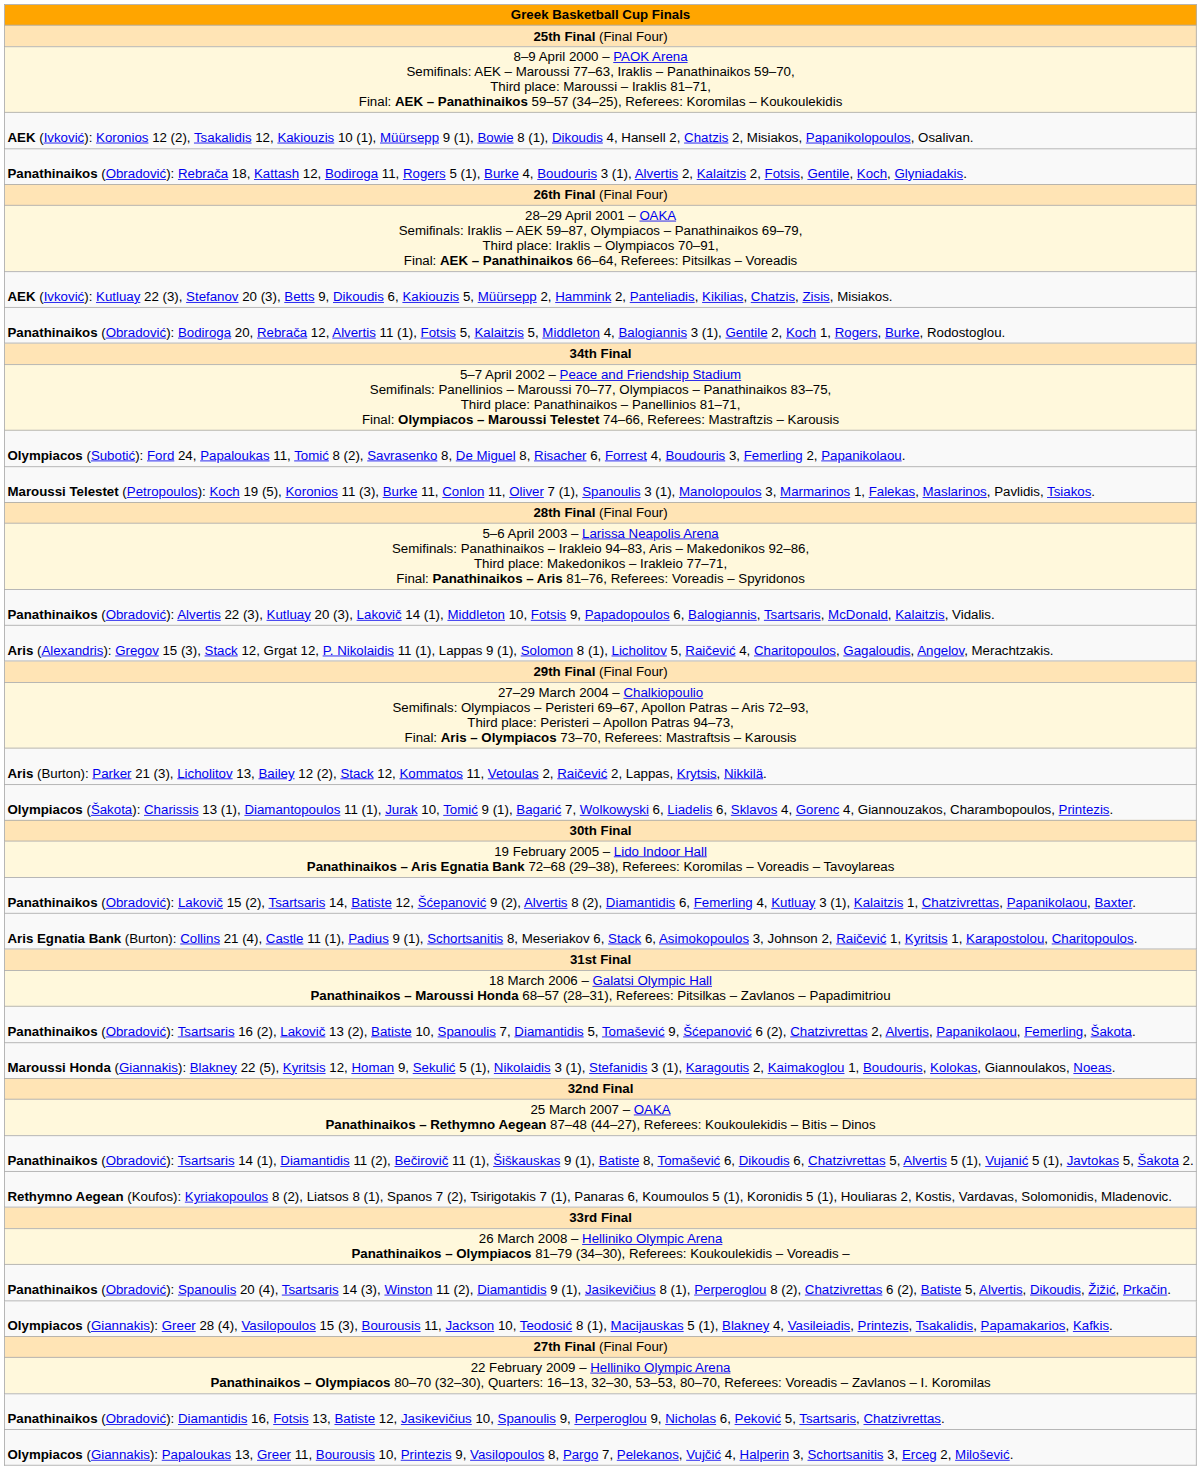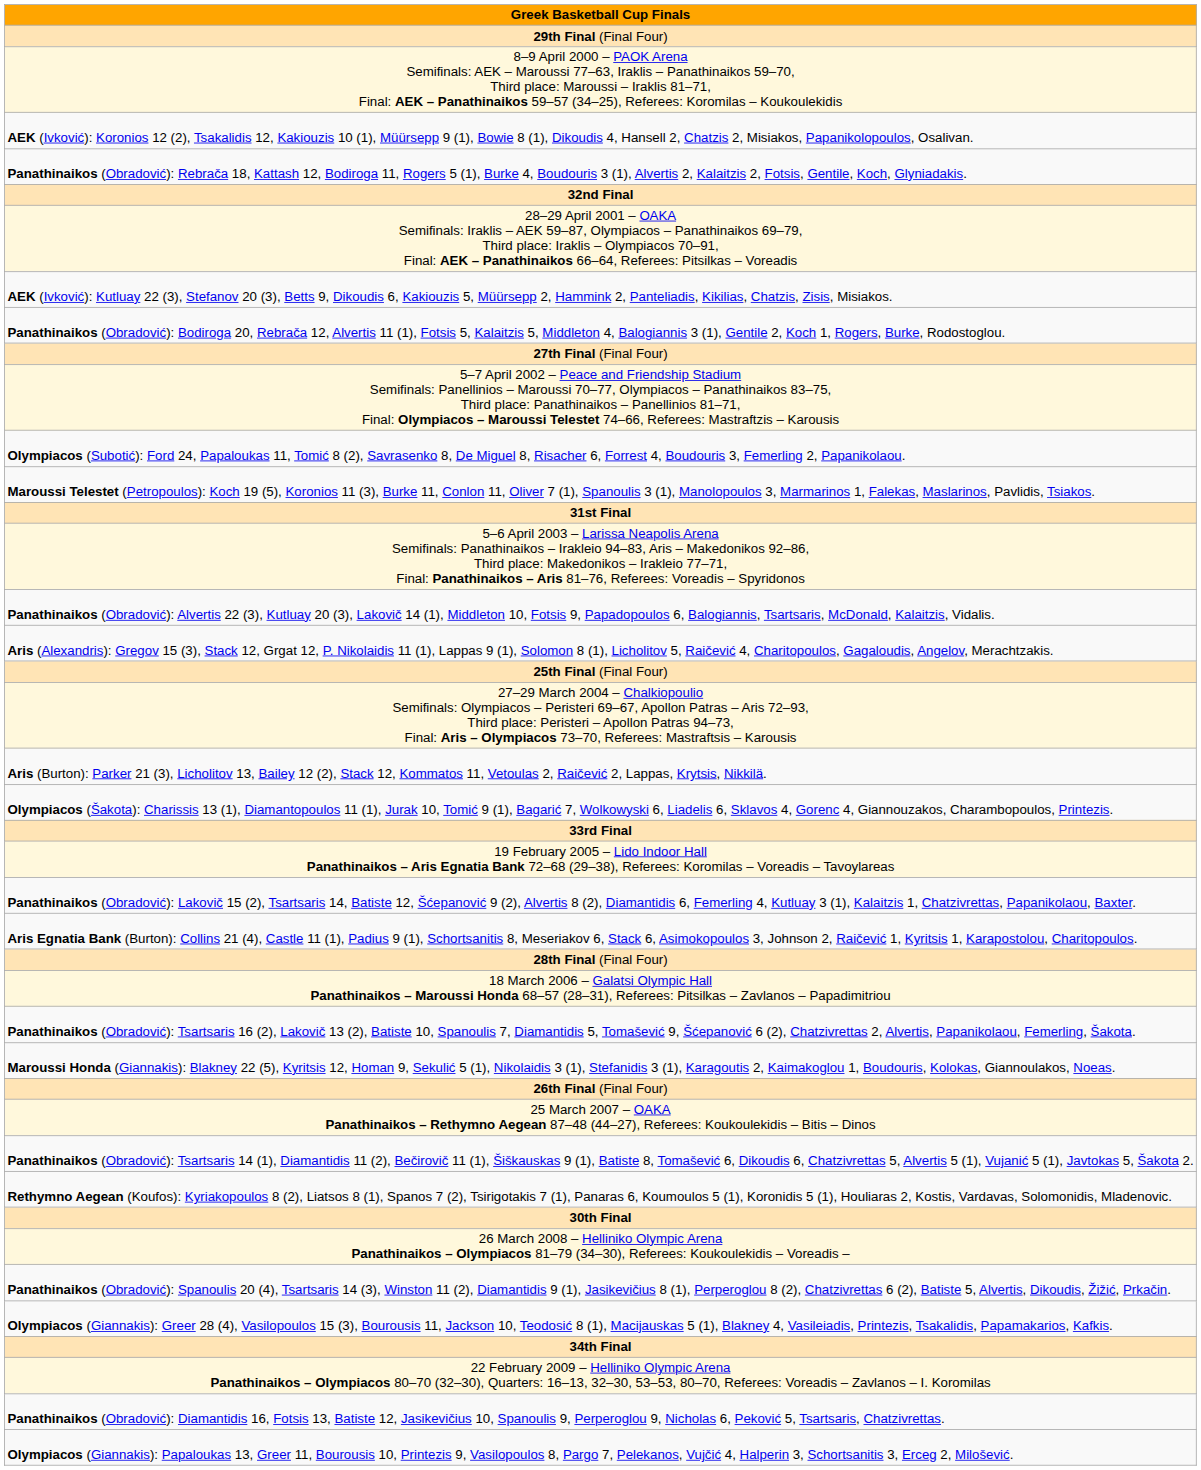 <table class="wikitable">
 <tr>
 <td align="center" bgcolor= #ffa500><strong>Greek Basketball Cup Finals</strong></td>
 </tr>
 <tr>
-<td align="center" bgcolor= #ffe4b5> <strong>25th Final</strong> (Final Four)</td>
+<td align="center" bgcolor= #ffe4b5> <strong>29th Final</strong> (Final Four)</td>
 </tr>
 <tr>
 <td align="center" bgcolor= #fff8dc>8–9 April 2000 – <a href='#'>PAOK Arena</a><br>Semifinals: AEK – Maroussi 77–63, Iraklis – Panathinaikos 59–70,<br>Third place: Maroussi – Iraklis 81–71,<br>Final: <strong>AEK – Panathinaikos</strong> 59–57 (34–25),  Referees: Koromilas – Koukoulekidis</td>
 </tr>
 <tr>
 <td><br><strong>AEK</strong> (<a href='#'>Ivković</a>): <a href='#'>Koronios</a> 12 (2), <a href='#'>Tsakalidis</a> 12, <a href='#'>Kakiouzis</a> 10 (1), <a href='#'>Müürsepp</a> 9 (1), <a href='#'>Bowie</a> 8 (1), <a href='#'>Dikoudis</a> 4, Hansell 2, <a href='#'>Chatzis</a> 2, Misiakos, <a href='#'>Papanikolopoulos</a>, Osalivan.</td>
 </tr>
 <tr>
 <td><br><strong>Panathinaikos</strong> (<a href='#'>Obradović</a>): <a href='#'>Rebrača</a> 18, <a href='#'>Kattash</a> 12, <a href='#'>Bodiroga</a> 11, <a href='#'>Rogers</a> 5 (1), <a href='#'>Burke</a> 4, <a href='#'>Boudouris</a> 3 (1), <a href='#'>Alvertis</a> 2, <a href='#'>Kalaitzis</a> 2, <a href='#'>Fotsis</a>, <a href='#'>Gentile</a>, <a href='#'>Koch</a>, <a href='#'>Glyniadakis</a>.</td>
 </tr>
 <tr>
-<td align="center" bgcolor= #ffe4b5> <strong>26th Final</strong> (Final Four)</td>
+<td align="center" bgcolor= #ffe4b5> <strong>32nd Final</strong></td>
 </tr>
 <tr>
 <td align="center" bgcolor= #fff8dc>28–29 April 2001 – <a href='#'>ΟΑΚΑ</a><br>Semifinals: Iraklis – AEK 59–87, Olympiacos – Panathinaikos 69–79,<br>Third place: Iraklis – Olympiacos 70–91,<br>Final: <strong>ΑΕΚ – Panathinaikos</strong> 66–64, Referees: Pitsilkas – Voreadis</td>
 </tr>
 <tr>
 <td><br><strong>AEK</strong> (<a href='#'>Ivković</a>): <a href='#'>Kutluay</a> 22 (3), <a href='#'>Stefanov</a> 20 (3), <a href='#'>Betts</a> 9, <a href='#'>Dikoudis</a> 6, <a href='#'>Kakiouzis</a> 5, <a href='#'>Müürsepp</a> 2, <a href='#'>Hammink</a> 2, <a href='#'>Panteliadis</a>, <a href='#'>Kikilias</a>, <a href='#'>Chatzis</a>, <a href='#'>Zisis</a>, Misiakos.</td>
 </tr>
 <tr>
 <td><br><strong>Panathinaikos</strong> (<a href='#'>Obradović</a>): <a href='#'>Bodiroga</a> 20, <a href='#'>Rebrača</a> 12, <a href='#'>Alvertis</a> 11 (1), <a href='#'>Fotsis</a> 5, <a href='#'>Kalaitzis</a> 5, <a href='#'>Middleton</a> 4, <a href='#'>Balogiannis</a> 3 (1), <a href='#'>Gentile</a> 2, <a href='#'>Koch</a> 1, <a href='#'>Rogers</a>, <a href='#'>Burke</a>, Rodostoglou.</td>
 </tr>
 <tr>
-<td align="center" bgcolor= #ffe4b5> <strong> 34th Final </strong></td>
+<td align="center" bgcolor= #ffe4b5><strong>27th Final</strong> (Final Four)</td>
 </tr>
 <tr>
 <td align="center" bgcolor= #fff8dc>5–7 April 2002 – <a href='#'>Peace and Friendship Stadium</a><br>Semifinals: Panellinios – Maroussi 70–77, Olympiacos – Panathinaikos 83–75,<br>Third place: Panathinaikos – Panellinios 81–71,<br>Final: <strong>Olympiacos – Maroussi Telestet</strong> 74–66, Referees:  Mastraftzis – Karousis</td>
 </tr>
 <tr>
 <td><br><strong>Olympiacos</strong> (<a href='#'>Subotić</a>): <a href='#'>Ford</a> 24, <a href='#'>Papaloukas</a> 11, <a href='#'>Tomić</a> 8 (2), <a href='#'>Savrasenko</a> 8, <a href='#'>De Miguel</a> 8, <a href='#'>Risacher</a> 6, <a href='#'>Forrest</a> 4, <a href='#'>Boudouris</a> 3, <a href='#'>Femerling</a> 2, <a href='#'>Papanikolaou</a>.</td>
 </tr>
 <tr>
 <td><br><strong>Maroussi Telestet</strong> (<a href='#'>Petropoulos</a>): <a href='#'>Koch</a> 19 (5), <a href='#'>Koronios</a> 11 (3), <a href='#'>Burke</a> 11, <a href='#'>Conlon</a> 11, <a href='#'>Oliver</a> 7 (1), <a href='#'>Spanoulis</a> 3 (1), <a href='#'>Manolopoulos</a> 3, <a href='#'>Marmarinos</a> 1, <a href='#'>Falekas</a>, <a href='#'>Maslarinos</a>, Pavlidis, <a href='#'>Tsiakos</a>.</td>
 </tr>
 <tr>
-<td align="center" bgcolor= #ffe4b5> <strong>28th Final</strong> (Final Four)</td>
+<td align="center" bgcolor= #ffe4b5> <strong>31st Final</strong></td>
 </tr>
 <tr>
 <td align="center" bgcolor= #fff8dc>5–6 April 2003 – <a href='#'>Larissa Neapolis Arena</a><br>Semifinals: Panathinaikos – Irakleio 94–83, Aris – Makedonikos 92–86,<br>Third place: Makedonikos – Irakleio 77–71,<br>Final: <strong>Panathinaikos – Aris</strong> 81–76, Referees: Voreadis – Spyridonos</td>
 </tr>
 <tr>
 <td><br><strong>Panathinaikos</strong> (<a href='#'>Obradović</a>): <a href='#'>Alvertis</a> 22 (3), <a href='#'>Kutluay</a> 20 (3), <a href='#'>Lakovič</a> 14 (1), <a href='#'>Middleton</a> 10, <a href='#'>Fotsis</a> 9, <a href='#'>Papadopoulos</a> 6, <a href='#'>Balogiannis</a>, <a href='#'>Tsartsaris</a>, <a href='#'>McDonald</a>, <a href='#'>Kalaitzis</a>, Vidalis.</td>
 </tr>
 <tr>
 <td><br><strong>Aris</strong> (<a href='#'>Alexandris</a>): <a href='#'>Gregov</a> 15 (3), <a href='#'>Stack</a> 12, Grgat 12, <a href='#'>P. Nikolaidis</a> 11 (1), Lappas 9 (1), <a href='#'>Solomon</a> 8 (1), <a href='#'>Licholitov</a> 5, <a href='#'>Raičević</a> 4, <a href='#'>Charitopoulos</a>, <a href='#'>Gagaloudis</a>, <a href='#'>Angelov</a>, Merachtzakis.</td>
 </tr>
 <tr>
-<td align="center" bgcolor= #ffe4b5> <strong>29th Final</strong> (Final Four)</td>
+<td align="center" bgcolor= #ffe4b5> <strong>25th Final</strong> (Final Four)</td>
 </tr>
 <tr>
 <td align="center" bgcolor= #fff8dc>27–29 March 2004 – <a href='#'>Chalkiopoulio</a><br>Semifinals: Olympiacos – Peristeri 69–67, Apollon Patras – Aris 72–93,<br>Third place: Peristeri – Apollon Patras 94–73,<br>Final: <strong>Aris – Olympiacos</strong> 73–70, Referees: Mastraftsis – Karousis</td>
 </tr>
 <tr>
 <td><br><strong>Aris</strong> (Burton): <a href='#'>Parker</a> 21 (3), <a href='#'>Licholitov</a> 13, <a href='#'>Bailey</a> 12 (2), <a href='#'>Stack</a> 12, <a href='#'>Kommatos</a> 11, <a href='#'>Vetoulas</a> 2, <a href='#'>Raičević</a> 2, Lappas, <a href='#'>Krytsis</a>, <a href='#'>Nikkilä</a>.</td>
 </tr>
 <tr>
 <td><br><strong>Olympiacos</strong> (<a href='#'>Šakota</a>): <a href='#'>Charissis</a> 13 (1), <a href='#'>Diamantopoulos</a> 11 (1), <a href='#'>Jurak</a> 10, <a href='#'>Tomić</a> 9 (1), <a href='#'>Bagarić</a> 7, <a href='#'>Wolkowyski</a> 6, <a href='#'>Liadelis</a> 6, <a href='#'>Sklavos</a> 4, <a href='#'>Gorenc</a> 4, Giannouzakos, Charambopoulos, <a href='#'>Printezis</a>.</td>
 </tr>
 <tr>
-<td align="center" bgcolor= #ffe4b5> <strong>30th Final</strong></td>
+<td align="center" bgcolor= #ffe4b5> <strong> 33rd Final </strong></td>
 </tr>
 <tr>
 <td align="center" bgcolor= #fff8dc>19 February 2005 – <a href='#'>Lido Indoor Hall</a><br><strong>Panathinaikos – Aris Egnatia Bank</strong>  72–68 (29–38), Referees: Koromilas – Voreadis – Tavoylareas</td>
 </tr>
 <tr>
 <td><br><strong>Panathinaikos</strong> (<a href='#'>Obradović</a>):  <a href='#'>Lakovič</a> 15 (2), <a href='#'>Tsartsaris</a> 14, <a href='#'>Batiste</a> 12, <a href='#'>Šćepanović</a> 9 (2), <a href='#'>Alvertis</a> 8 (2), <a href='#'>Diamantidis</a> 6, <a href='#'>Femerling</a> 4, <a href='#'>Kutluay</a> 3 (1), <a href='#'>Kalaitzis</a> 1, <a href='#'>Chatzivrettas</a>, <a href='#'>Papanikolaou</a>, <a href='#'>Baxter</a>.</td>
 </tr>
 <tr>
 <td><br><strong>Aris Egnatia Bank</strong> (Burton):  <a href='#'>Collins</a> 21 (4), <a href='#'>Castle</a> 11 (1), <a href='#'>Padius</a> 9 (1), <a href='#'>Schortsanitis</a> 8, Meseriakov 6, <a href='#'>Stack</a> 6, <a href='#'>Asimokopoulos</a> 3, Johnson 2, <a href='#'>Raičević</a> 1, <a href='#'>Kyritsis</a> 1, <a href='#'>Karapostolou</a>, <a href='#'>Charitopoulos</a>.</td>
 </tr>
 <tr>
-<td align="center" bgcolor= #ffe4b5> <strong>31st Final</strong></td>
+<td align="center" bgcolor= #ffe4b5> <strong>28th Final</strong> (Final Four)</td>
 </tr>
 <tr>
 <td align="center" bgcolor= #fff8dc>18 March 2006 – <a href='#'>Galatsi Olympic Hall</a><br><strong>Panathinaikos – Maroussi Honda</strong>  68–57 (28–31), Referees: Pitsilkas – Zavlanos – Papadimitriou</td>
 </tr>
 <tr>
 <td><br><strong>Panathinaikos</strong> (<a href='#'>Obradović</a>): <a href='#'>Tsartsaris</a> 16 (2), <a href='#'>Lakovič</a> 13 (2), <a href='#'>Batiste</a> 10, <a href='#'>Spanoulis</a> 7, <a href='#'>Diamantidis</a> 5, <a href='#'>Tomašević</a> 9, <a href='#'>Šćepanović</a> 6 (2), <a href='#'>Chatzivrettas</a> 2, <a href='#'>Alvertis</a>, <a href='#'>Papanikolaou</a>, <a href='#'>Femerling</a>, <a href='#'>Šakota</a>.</td>
 </tr>
 <tr>
 <td><br><strong>Maroussi Honda</strong> (<a href='#'>Giannakis</a>): <a href='#'>Blakney</a> 22 (5), <a href='#'>Kyritsis</a> 12, <a href='#'>Homan</a> 9, <a href='#'>Sekulić</a> 5 (1), <a href='#'>Nikolaidis</a> 3 (1), <a href='#'>Stefanidis</a> 3 (1), <a href='#'>Karagoutis</a> 2, <a href='#'>Kaimakoglou</a> 1, <a href='#'>Boudouris</a>, <a href='#'>Kolokas</a>, Giannoulakos, <a href='#'>Noeas</a>.</td>
 </tr>
 <tr>
-<td align="center" bgcolor= #ffe4b5> <strong>32nd Final</strong></td>
+<td align="center" bgcolor= #ffe4b5> <strong>26th Final</strong> (Final Four)</td>
 </tr>
 <tr>
 <td align="center" bgcolor= #fff8dc>25 March 2007 – <a href='#'>OAKA</a><br><strong>Panathinaikos – Rethymno Aegean</strong>  87–48 (44–27), Referees: Koukoulekidis – Bitis – Dinos</td>
 </tr>
 <tr>
 <td><br><strong>Panathinaikos</strong> (<a href='#'>Obradović</a>): <a href='#'>Tsartsaris</a> 14 (1), <a href='#'>Diamantidis</a> 11 (2), <a href='#'>Bečirovič</a> 11 (1), <a href='#'>Šiškauskas</a> 9 (1), <a href='#'>Batiste</a> 8, <a href='#'>Tomašević</a> 6, <a href='#'>Dikoudis</a> 6, <a href='#'>Chatzivrettas</a> 5, <a href='#'>Alvertis</a> 5 (1), <a href='#'>Vujanić</a> 5 (1), <a href='#'>Javtokas</a> 5, <a href='#'>Šakota</a> 2.</td>
 </tr>
 <tr>
 <td><br><strong>Rethymno Aegean</strong> (Koufos): <a href='#'>Kyriakopoulos</a> 8 (2), Liatsos 8 (1), Spanos 7 (2), Tsirigotakis 7 (1), Panaras 6, Koumoulos 5 (1), Koronidis 5 (1), Houliaras 2, Kostis, Vardavas, Solomonidis, Mladenovic.</td>
 </tr>
 <tr>
-<td align="center" bgcolor= #ffe4b5> <strong> 33rd Final </strong></td>
+<td align="center" bgcolor= #ffe4b5> <strong>30th Final</strong></td>
 </tr>
 <tr>
 <td align="center" bgcolor= #fff8dc>26 March 2008 – <a href='#'>Helliniko Olympic Arena</a><br><strong>Panathinaikos – Olympiacos</strong> 81–79 (34–30), Referees: Koukoulekidis – Voreadis –</td>
 </tr>
 <tr>
 <td><br><strong>Panathinaikos</strong> (<a href='#'>Obradović</a>): <a href='#'>Spanoulis</a> 20 (4), <a href='#'>Tsartsaris</a> 14 (3), <a href='#'>Winston</a> 11 (2), <a href='#'>Diamantidis</a> 9 (1), <a href='#'>Jasikevičius</a> 8 (1), <a href='#'>Perperoglou</a> 8 (2), <a href='#'>Chatzivrettas</a> 6 (2), <a href='#'>Batiste</a> 5, <a href='#'>Alvertis</a>, <a href='#'>Dikoudis</a>, <a href='#'>Žižić</a>, <a href='#'>Prkačin</a>.</td>
 </tr>
 <tr>
 <td><br><strong>Olympiacos</strong> (<a href='#'>Giannakis</a>): <a href='#'>Greer</a> 28 (4), <a href='#'>Vasilopoulos</a> 15 (3), <a href='#'>Bourousis</a> 11, <a href='#'>Jackson</a> 10, <a href='#'>Teodosić</a> 8 (1), <a href='#'>Macijauskas</a> 5 (1), <a href='#'>Blakney</a> 4, <a href='#'>Vasileiadis</a>, <a href='#'>Printezis</a>, <a href='#'>Tsakalidis</a>, <a href='#'>Papamakarios</a>, <a href='#'>Kafkis</a>.</td>
 </tr>
 <tr>
-<td align="center" bgcolor= #ffe4b5><strong>27th Final</strong> (Final Four)</td>
+<td align="center" bgcolor= #ffe4b5> <strong> 34th Final </strong></td>
 </tr>
 <tr>
 <td align="center" bgcolor= #fff8dc>22 February 2009 – <a href='#'>Helliniko Olympic Arena</a><br><strong>Panathinaikos – Olympiacos</strong> 80–70 (32–30), Quarters: 16–13, 32–30, 53–53, 80–70, Referees: Voreadis – Zavlanos – I. Koromilas</td>
 </tr>
 <tr>
 <td><br><strong>Panathinaikos</strong> (<a href='#'>Obradović</a>): <a href='#'>Diamantidis</a> 16, <a href='#'>Fotsis</a> 13, <a href='#'>Batiste</a> 12, <a href='#'>Jasikevičius</a> 10, <a href='#'>Spanoulis</a> 9, <a href='#'>Perperoglou</a> 9, <a href='#'>Nicholas</a> 6, <a href='#'>Peković</a> 5, <a href='#'>Tsartsaris</a>, <a href='#'>Chatzivrettas</a>.</td>
 </tr>
 <tr>
 <td><br><strong>Olympiacos</strong> (<a href='#'>Giannakis</a>): <a href='#'>Papaloukas</a> 13, <a href='#'>Greer</a> 11, <a href='#'>Bourousis</a> 10, <a href='#'>Printezis</a> 9, <a href='#'>Vasilopoulos</a> 8, <a href='#'>Pargo</a> 7, <a href='#'>Pelekanos</a>, <a href='#'>Vujčić</a> 4, <a href='#'>Halperin</a> 3, <a href='#'>Schortsanitis</a> 3, <a href='#'>Erceg</a> 2, <a href='#'>Milošević</a>.</td>
 </tr>
 </table>
